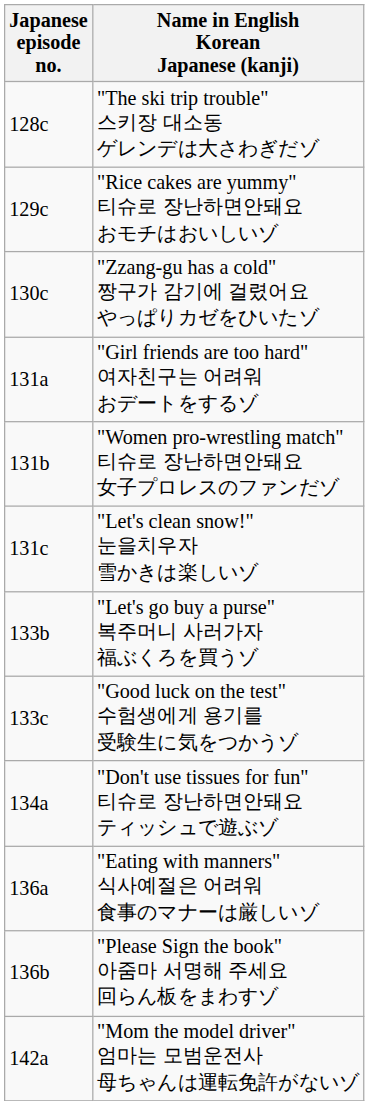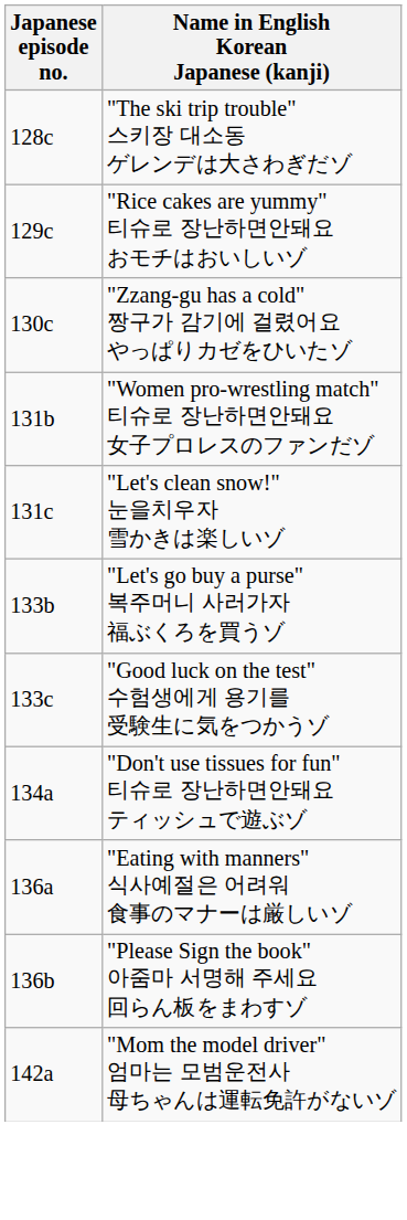 <table class="wikitable">
 <tr>
 <th>Japanese<br>episode<br>no.</th>
 <th>Name in English<br>Korean <br>Japanese (kanji)</th>
 </tr>
 <tr>
 <td>128c</td>
 <td>"The ski trip trouble"<br>스키장 대소동<br> ゲレンデは大さわぎだゾ</td>
 </tr>
 <tr>
 <td>129c</td>
 <td>"Rice cakes are yummy"<br>티슈로 장난하면안돼요<br> おモチはおいしいゾ</td>
 </tr>
 <tr>
 <td>130c</td>
 <td>"Zzang-gu has a cold"<br>짱구가 감기에 걸렸어요<br> やっぱりカゼをひいたゾ</td>
-</tr>
-<tr>
-<td>131a</td>
-<td>"Girl friends are too hard"<br>여자친구는 어려워<br> おデートをするゾ</td>
 </tr>
 <tr>
 <td>131b</td>
 <td>"Women pro-wrestling match"<br>티슈로 장난하면안돼요<br> 女子プロレスのファンだゾ</td>
 </tr>
 <tr>
 <td>131c</td>
 <td>"Let's clean snow!"<br>눈을치우자<br> 雪かきは楽しいゾ</td>
 </tr>
 <tr>
 <td>133b</td>
 <td>"Let's go buy a purse"<br>복주머니 사러가자<br> 福ぶくろを買うゾ</td>
 </tr>
 <tr>
 <td>133c</td>
 <td>"Good luck on the test"<br>수험생에게 용기를<br> 受験生に気をつかうゾ</td>
 </tr>
 <tr>
 <td>134a</td>
 <td>"Don't use tissues for fun"<br>티슈로 장난하면안돼요<br> ティッシュで遊ぶゾ</td>
 </tr>
 <tr>
 <td>136a</td>
 <td>"Eating with manners"<br>식사예절은 어려워<br> 食事のマナーは厳しいゾ</td>
 </tr>
 <tr>
 <td>136b</td>
 <td>"Please Sign the book"<br>아줌마 서명해 주세요<br> 回らん板をまわすゾ</td>
 </tr>
 <tr>
 <td>142a</td>
 <td>"Mom the model driver"<br>엄마는 모범운전사<br> 母ちゃんは運転免許がないゾ</td>
 </tr>
 </table>
